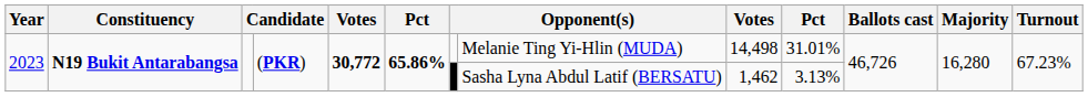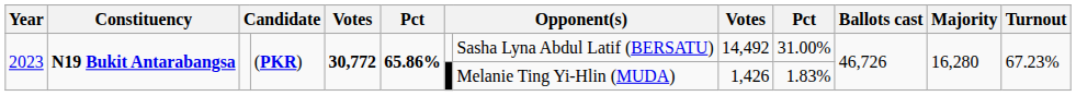 <table class="wikitable" style="margin:0.5em ; font-size:95%">
 <tr>
 <th>Year</th>
 <th>Constituency</th>
 <th colspan=2>Candidate</th>
 <th>Votes</th>
 <th>Pct</th>
 <th colspan=2>Opponent(s)</th>
 <th>Votes</th>
 <th>Pct</th>
 <th>Ballots cast</th>
 <th>Majority</th>
 <th>Turnout</th>
 </tr>
 <tr>
 <td rowspan=2><a href='#'>2023</a></td>
 <td rowspan=2><strong>N19 <a href='#'>Bukit Antarabangsa</a></strong></td>
 <td rowspan=2 ></td>
 <td rowspan=2> (<a href='#'><strong>PKR</strong></a>)</td>
 <td rowspan=2 align=right><strong>30,772</strong></td>
 <td rowspan=2><strong>65.86%</strong></td>
 <td bgcolor=></td>
-<td>Melanie Ting Yi-Hlin (<a href='#'>MUDA</a>)</td>
-<td align=right>14,498</td>
-<td>31.01%</td>
+<td>Sasha Lyna Abdul Latif (<a href='#'>BERSATU</a>)</td>
+<td align=right>14,492</td>
+<td>31.00%</td>
 <td rowspan=2>46,726</td>
 <td rowspan=2>16,280</td>
 <td rowspan=2>67.23%</td>
 </tr>
 <tr>
 <td bgcolor="black"></td>
-<td>Sasha Lyna Abdul Latif (<a href='#'>BERSATU</a>)</td>
-<td align=right>1,462</td>
-<td align=right>3.13%</td>
+<td>Melanie Ting Yi-Hlin (<a href='#'>MUDA</a>)</td>
+<td align=right>1,426</td>
+<td align=right>1.83%</td>
 </tr>
 </table>
